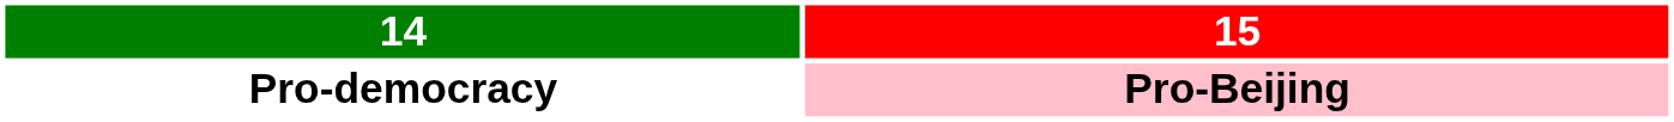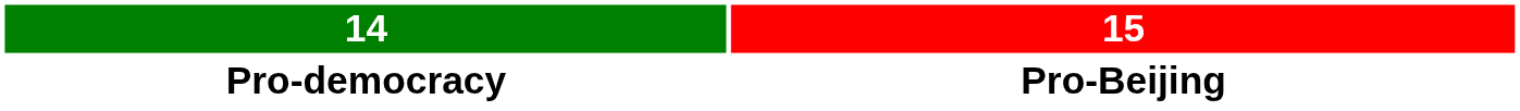 <table style="width:50%; text-align:center;">
 <tr style="color:white;">
 <td style="background:green; width:48%;"><strong>14</strong></td>
 <td style="background:red; width:52%;"><strong>15</strong></td>
 </tr>
 <tr>
 <td><span><strong>Pro-democracy</strong></span></td>
-<td style="background: pink;"><span><strong>Pro-Beijing</strong></span></td>
+<td><span><strong>Pro-Beijing</strong></span></td>
 </tr>
 </table>
